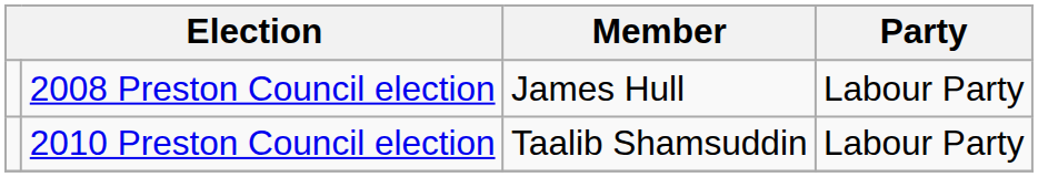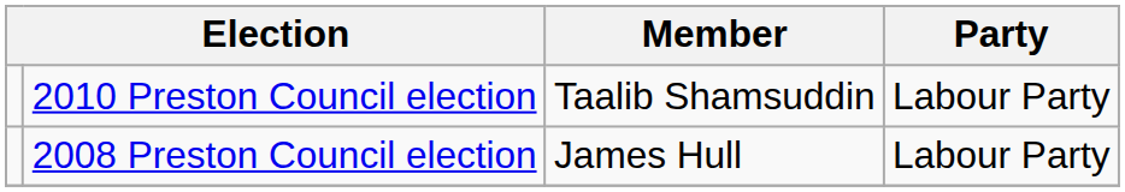 <table class="wikitable">
 <tr>
 <th colspan="2">Election</th>
 <th>Member</th>
 <th>Party</th>
 </tr>
 <tr>
 <td style="background-color: "></td>
+<td><a href='#'>2010 Preston Council election</a></td>
+<td>Taalib Shamsuddin</td>
+<td>Labour Party</td>
+</tr>
+<tr>
+<td style="background-color: "></td>
 <td><a href='#'>2008 Preston Council election</a></td>
 <td>James Hull</td>
 <td>Labour Party</td>
 </tr>
 <tr>
-<td style="background-color: "></td>
-<td><a href='#'>2010 Preston Council election</a></td>
-<td>Taalib Shamsuddin</td>
-<td>Labour Party</td>
-</tr>
-<tr>
 </tr>
 </table>
